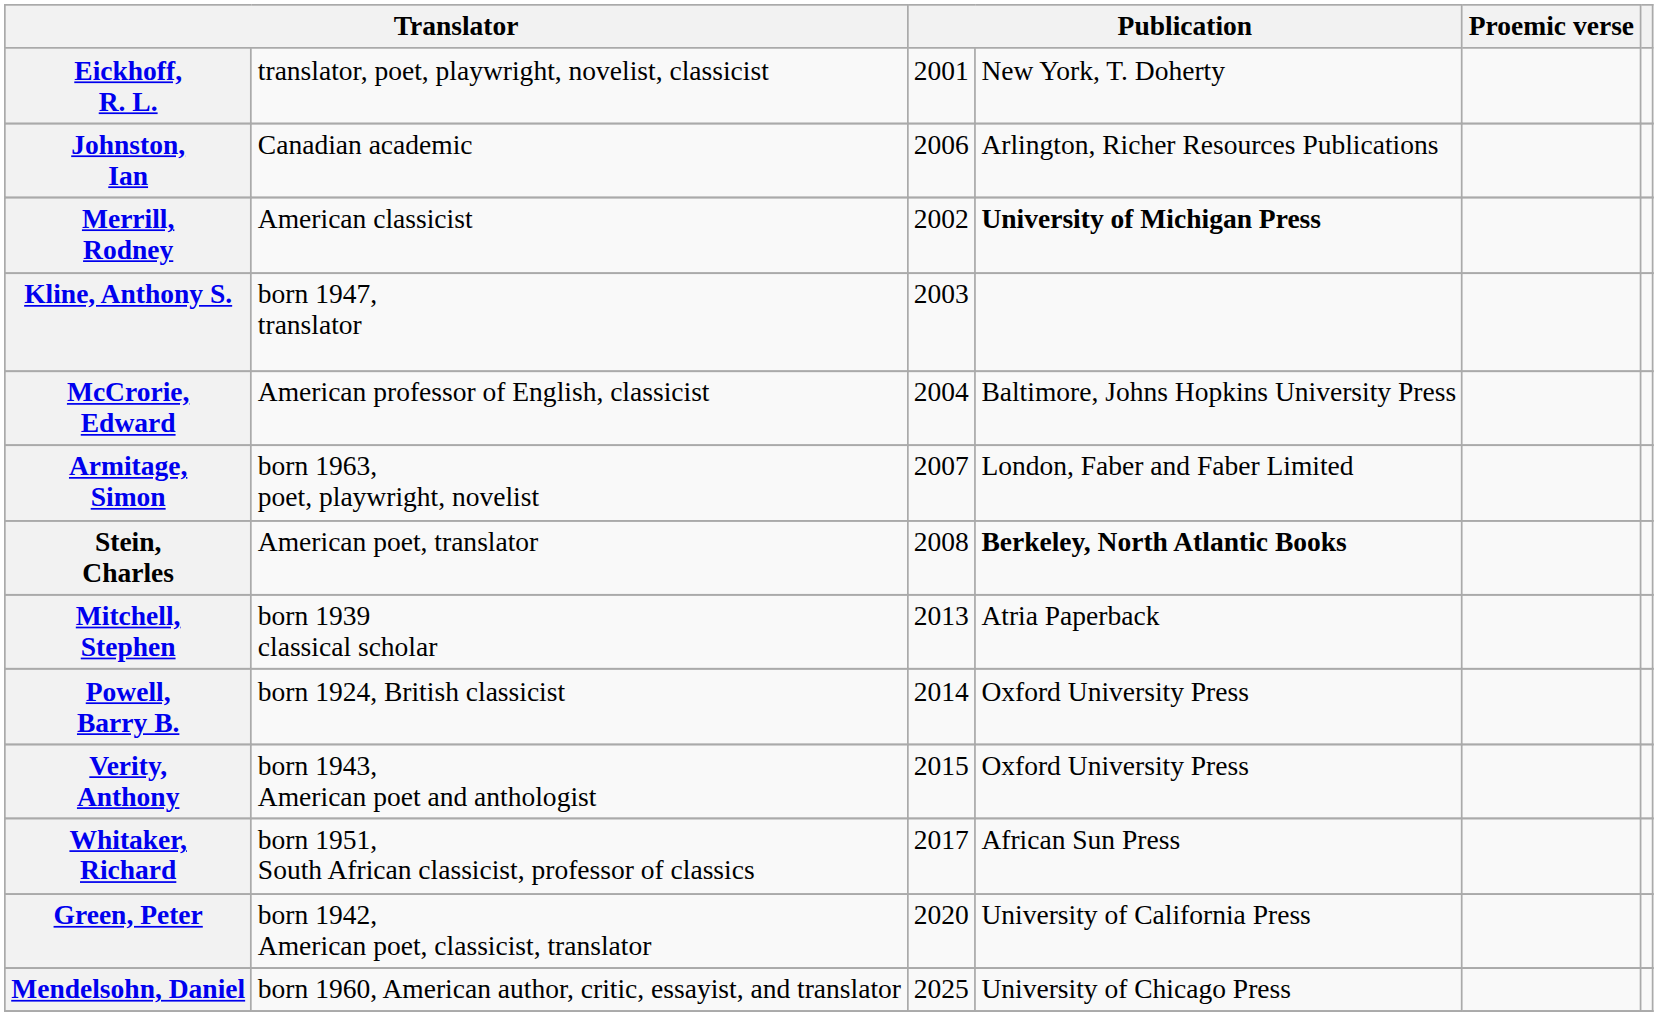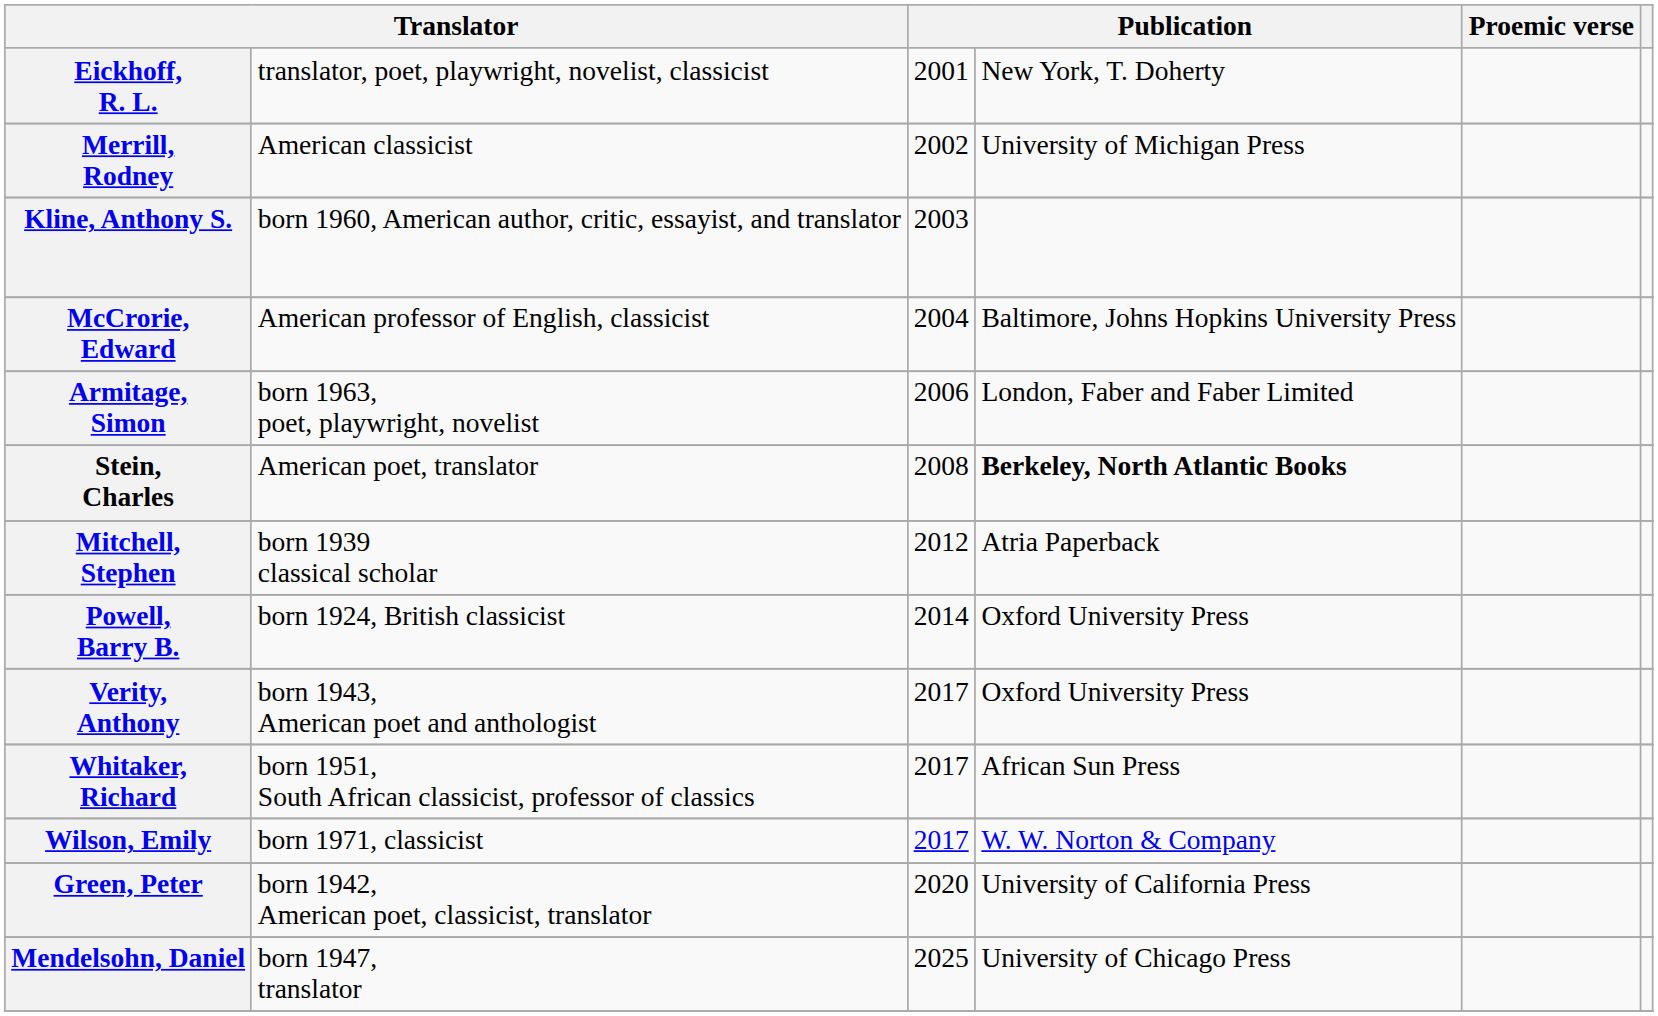 <table class="wikitable">
 <tr>
 <th scope="col" colspan="2">Translator</th>
 <th scope="col" colspan="2">Publication</th>
 <th scope="col">Proemic verse</th>
 <th scope="col"></th>
 </tr>
 <tr valign="top">
 <th><a href='#'>Eickhoff,<br>R. L.</a></th>
 <td>translator, poet, playwright, novelist, classicist</td>
 <td>2001</td>
 <td>New York, T. Doherty</td>
 <td style=white-space:nowrap><br><blockquote></blockquote> <blockquote></blockquote></td>
 <td></td>
 </tr>
 <tr>
 </tr>
-<tr valign="top">
-<th><a href='#'>Johnston,<br>Ian</a></th>
-<td>Canadian academic</td>
-<td>2006</td>
-<td>Arlington, Richer Resources Publications</td>
-<td style=white-space:nowrap><br><blockquote></blockquote></td>
-<td></td>
-</tr>
 <tr>
 </tr>
 <tr valign="top">
 <th><a href='#'>Merrill,<br>Rodney</a></th>
 <td>American classicist</td>
 <td>2002</td>
-<td><strong>University of Michigan Press</strong></td>
+<td>University of Michigan Press</td>
 <td style=white-space:nowrap><br><blockquote></blockquote></td>
 <td></td>
 </tr>
 <tr>
 </tr>
 <tr valign="top">
 <th><a href='#'>Kline, Anthony S.</a></th>
-<td>born 1947,<br>translator</td>
+<td>born 1960, American author, critic, essayist, and translator</td>
 <td>2003</td>
 <td></td>
 <td><blockquote><br> </blockquote></td>
 <td><wbr></td>
 </tr>
 <tr>
 </tr>
 <tr valign="top">
 <th><a href='#'>McCrorie,<br>Edward</a></th>
 <td>American professor of English, classicist</td>
 <td>2004</td>
 <td>Baltimore, Johns Hopkins University Press</td>
 <td style=white-space:nowrap><br><blockquote></blockquote></td>
 <td></td>
 </tr>
 <tr>
 </tr>
 <tr valign="top">
 <th><a href='#'>Armitage,<br>Simon</a></th>
 <td>born 1963,<br>poet, playwright, novelist</td>
-<td>2007</td>
+<td>2006</td>
 <td>London, Faber and Faber Limited</td>
 <td><blockquote></blockquote></td>
 <td></td>
 </tr>
 <tr>
 </tr>
 <tr valign="top">
 <th>Stein,<br>Charles</th>
 <td>American poet, translator</td>
 <td>2008</td>
 <td><strong>Berkeley, North Atlantic Books</strong></td>
 <td><blockquote></blockquote></td>
 <td></td>
 </tr>
 <tr>
 </tr>
 <tr valign="top">
 <th><a href='#'>Mitchell,<br>Stephen</a></th>
 <td>born 1939<br>classical scholar</td>
-<td>2013</td>
+<td>2012</td>
 <td>Atria Paperback</td>
 <td><blockquote></blockquote></td>
 <td></td>
 </tr>
 <tr>
 </tr>
 <tr valign="top">
 <th><a href='#'>Powell,<br>Barry B.</a></th>
 <td>born 1924, British classicist</td>
 <td>2014</td>
 <td>Oxford University Press</td>
 <td><blockquote></blockquote></td>
 <td></td>
 </tr>
 <tr>
 </tr>
 <tr valign="top">
 <th><a href='#'>Verity,<br>Anthony</a></th>
 <td>born 1943,<br>American poet and anthologist</td>
-<td>2015</td>
+<td>2017</td>
 <td>Oxford University Press</td>
 <td><blockquote></blockquote></td>
 <td></td>
 </tr>
 <tr>
 </tr>
 <tr valign="top">
 <th><a href='#'>Whitaker,<br>Richard</a></th>
 <td>born 1951,<br>South African classicist, professor of classics</td>
 <td>2017</td>
 <td>African Sun Press</td>
 <td><blockquote></blockquote></td>
 <td></td>
 </tr>
 <tr>
 </tr>
+<tr valign="top">
+<th><a href='#'>Wilson, Emily</a></th>
+<td>born 1971, classicist</td>
+<td><a href='#'>2017</a></td>
+<td><a href='#'>W. W. Norton & Company</a></td>
+<td><blockquote></blockquote></td>
+<td></td>
+</tr>
 <tr>
 </tr>
 <tr valign="top">
 <th><a href='#'>Green, Peter</a></th>
 <td>born 1942,<br>American poet, classicist, translator</td>
 <td>2020</td>
 <td>University of California Press</td>
 <td><blockquote></blockquote></td>
 <td></td>
 </tr>
 <tr>
 </tr>
 <tr valign="top">
 <th><a href='#'>Mendelsohn, Daniel</a></th>
-<td>born 1960, American author, critic, essayist, and translator</td>
+<td>born 1947,<br>translator</td>
 <td>2025</td>
 <td>University of Chicago Press</td>
 <td><blockquote></blockquote></td>
 <td></td>
 </tr>
 <tr>
 </tr>
 </table>
